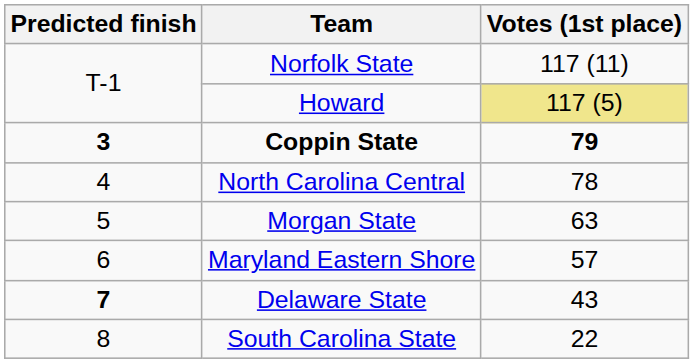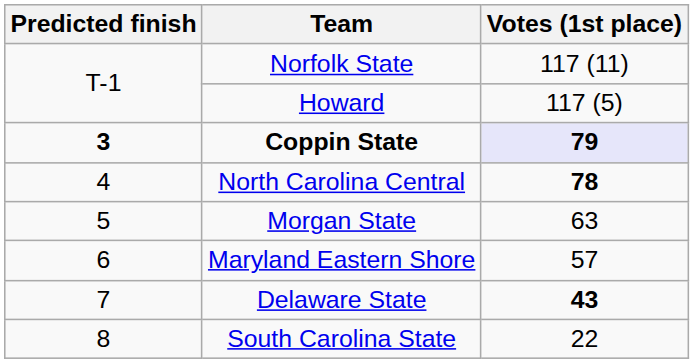 <table class="wikitable" border="1">
 <tr align=center>
 <th>Predicted finish</th>
 <th>Team</th>
 <th>Votes (1st place)</th>
 </tr>
 <tr align="center">
 <td rowspan=2>T-1</td>
 <td><a href='#'>Norfolk State</a></td>
 <td>117 (11)</td>
 </tr>
 <tr align="center">
 <td><a href='#'>Howard</a></td>
-<td style="background: khaki;">117 (5)</td>
+<td>117 (5)</td>
 </tr>
 <tr align="center">
 <td><strong>3</strong></td>
 <td><strong>Coppin State</strong></td>
-<td><strong>79</strong></td>
+<td style="background: lavender;"><strong>79</strong></td>
 </tr>
 <tr align="center">
 <td>4</td>
 <td><a href='#'>North Carolina Central</a></td>
-<td>78</td>
+<td><strong>78</strong></td>
 </tr>
 <tr align="center">
 <td>5</td>
 <td><a href='#'>Morgan State</a></td>
 <td>63</td>
 </tr>
 <tr align="center">
 <td>6</td>
 <td><a href='#'>Maryland Eastern Shore</a></td>
 <td>57</td>
 </tr>
 <tr align="center">
-<td><strong>7</strong></td>
+<td>7</td>
 <td><a href='#'>Delaware State</a></td>
-<td>43</td>
+<td><strong>43</strong></td>
 </tr>
 <tr align="center">
 <td>8</td>
 <td><a href='#'>South Carolina State</a></td>
 <td>22</td>
 </tr>
 </table>
